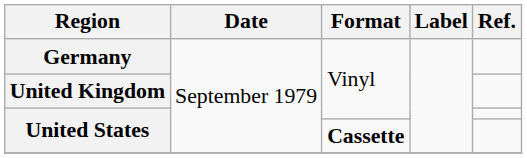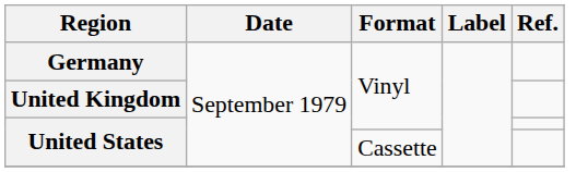 <table class="wikitable plainrowheaders">
 <tr>
 <th scope="col">Region</th>
 <th scope="col">Date</th>
 <th scope="col">Format</th>
 <th scope="col">Label</th>
 <th scope="col">Ref.</th>
 </tr>
 <tr>
 <th scope="row">Germany</th>
 <td rowspan="4">September 1979</td>
 <td rowspan="3">Vinyl</td>
 <td rowspan="4"></td>
 <td></td>
 </tr>
 <tr>
 <th scope="row">United Kingdom</th>
 <td></td>
 </tr>
 <tr>
 <th scope="row" rowspan="2">United States</th>
 <td></td>
 </tr>
 <tr>
-<td><strong>Cassette</strong></td>
+<td>Cassette</td>
 <td></td>
 </tr>
 <tr>
 </tr>
 </table>
